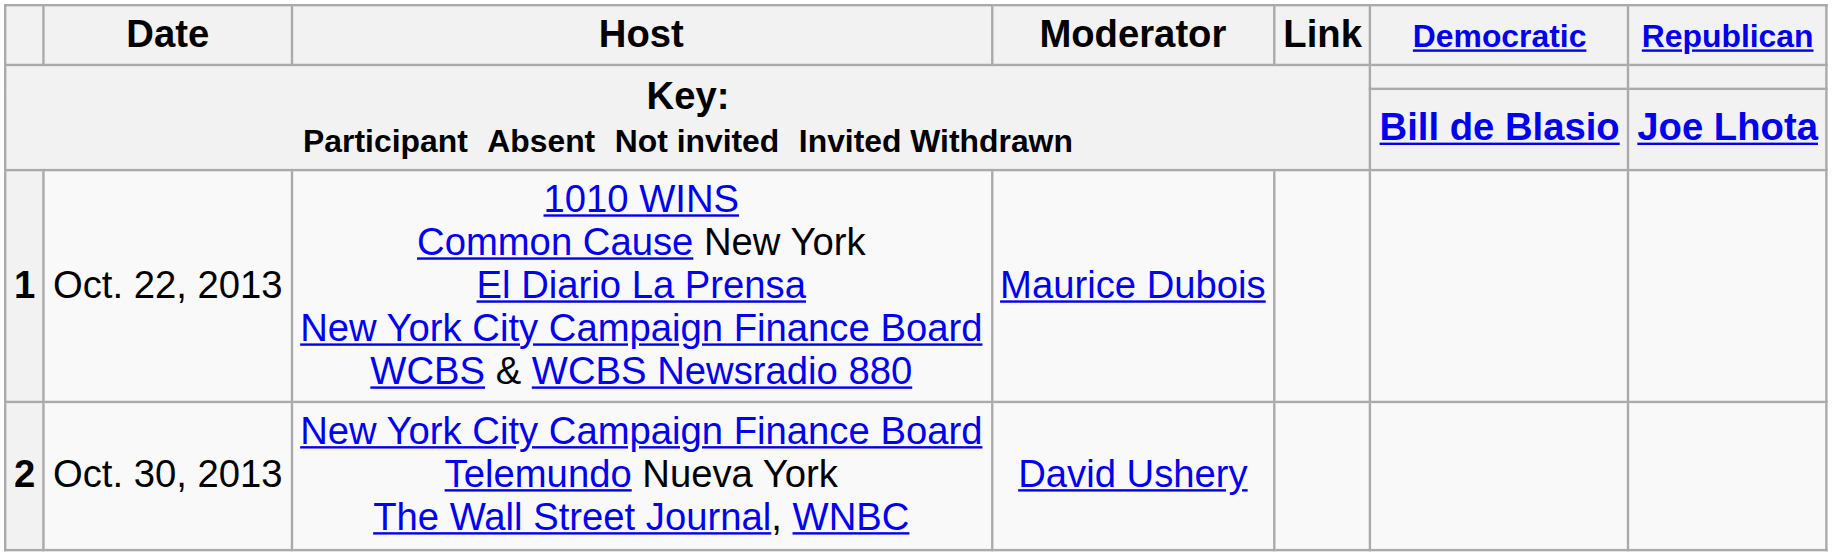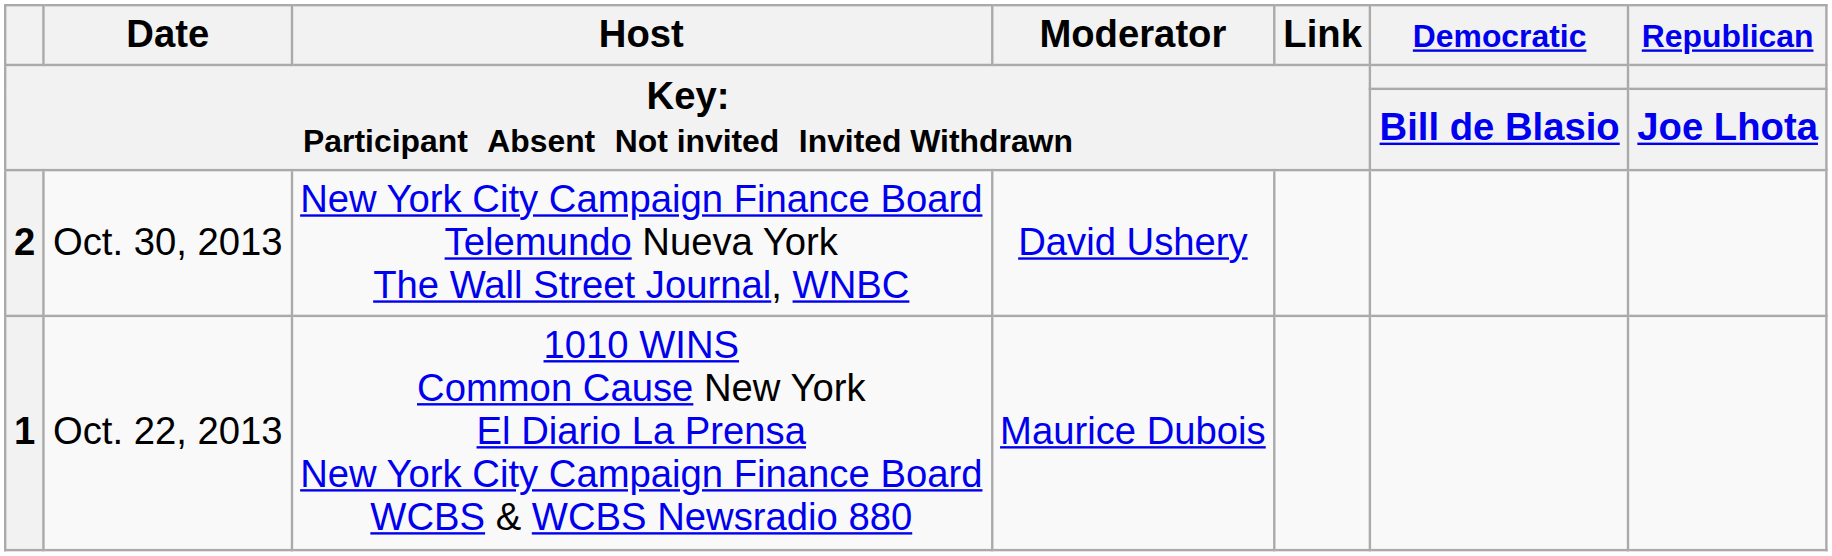 <table class="wikitable" style="text-align:center;">
 <tr>
 <th scope="col"></th>
 <th scope="col">Date</th>
 <th scope="col">Host</th>
 <th scope="col">Moderator</th>
 <th scope="col">Link</th>
 <th scope="col"><small><a href='#'>Democratic</a></small></th>
 <th scope="col"><small><a href='#'>Republican</a></small></th>
 </tr>
 <tr>
 <th colspan="5" rowspan="2">Key:<br> <small>Participant </small>  <small>Absent </small>  <small>Not invited </small>  <small>Invited  Withdrawn</small></th>
 <th scope="col" style="background:"></th>
 <th scope="col" style="background:"></th>
 </tr>
 <tr>
 <th scope="col"><a href='#'>Bill de Blasio</a></th>
 <th scope="col"><a href='#'>Joe Lhota</a></th>
 </tr>
 <tr>
+<th>2</th>
+<td style="white-space:nowrap;">Oct. 30, 2013</td>
+<td style="white-space:nowrap;"><a href='#'>New York City Campaign Finance Board</a><br><a href='#'>Telemundo</a> Nueva York<br><a href='#'>The Wall Street Journal</a>, <a href='#'>WNBC</a></td>
+<td style="white-space:nowrap;"><a href='#'>David Ushery</a></td>
+<td style="white-space:nowrap;"></td>
+<td></td>
+<td></td>
+</tr>
+<tr>
 <th>1</th>
 <td style="white-space:nowrap;">Oct. 22, 2013</td>
 <td style="white-space:nowrap;"><a href='#'>1010 WINS</a><br><a href='#'>Common Cause</a> New York<br><a href='#'>El Diario La Prensa</a><br><a href='#'>New York City Campaign Finance Board</a><br><a href='#'>WCBS</a> & <a href='#'>WCBS Newsradio 880</a></td>
 <td style="white-space:nowrap;"><a href='#'>Maurice Dubois</a></td>
 <td style="white-space:nowrap;"></td>
 <td></td>
 <td></td>
 </tr>
-<tr>
-<th>2</th>
-<td style="white-space:nowrap;">Oct. 30, 2013</td>
-<td style="white-space:nowrap;"><a href='#'>New York City Campaign Finance Board</a><br><a href='#'>Telemundo</a> Nueva York<br><a href='#'>The Wall Street Journal</a>, <a href='#'>WNBC</a></td>
-<td style="white-space:nowrap;"><a href='#'>David Ushery</a></td>
-<td style="white-space:nowrap;"></td>
-<td></td>
-<td></td>
-</tr>
 </table>
